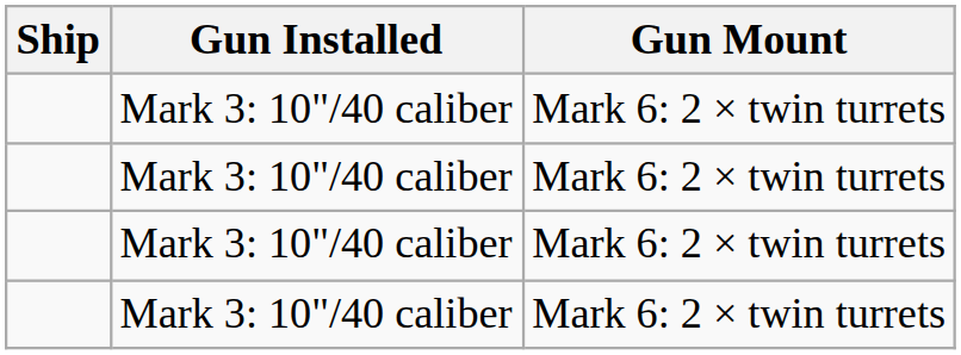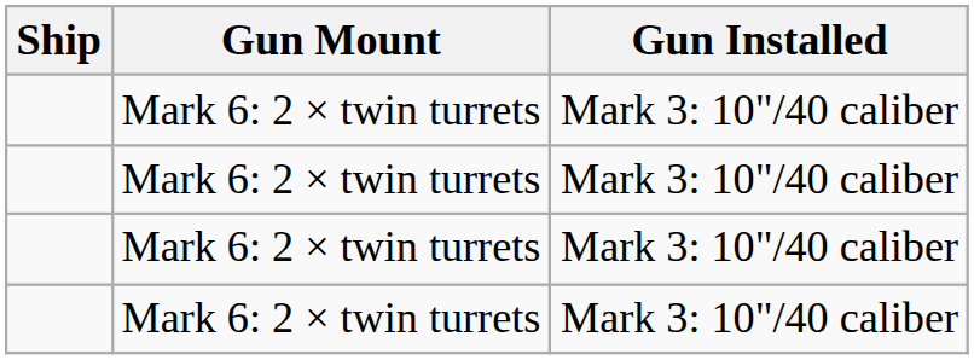 <table class="wikitable">
 <tr>
 <th>Ship</th>
+<th>Gun Mount</th>
 <th>Gun Installed</th>
-<th>Gun Mount</th>
 </tr>
 <tr>
 <td></td>
+<td>Mark 6: 2 × twin turrets</td>
 <td>Mark 3: 10"/40 caliber</td>
-<td>Mark 6: 2 × twin turrets</td>
 </tr>
 <tr>
 <td></td>
+<td>Mark 6: 2 × twin turrets</td>
 <td>Mark 3: 10"/40 caliber</td>
-<td>Mark 6: 2 × twin turrets</td>
 </tr>
 <tr>
 <td></td>
+<td>Mark 6: 2 × twin turrets</td>
 <td>Mark 3: 10"/40 caliber</td>
-<td>Mark 6: 2 × twin turrets</td>
 </tr>
 <tr>
 <td></td>
+<td>Mark 6: 2 × twin turrets</td>
 <td>Mark 3: 10"/40 caliber</td>
-<td>Mark 6: 2 × twin turrets</td>
 </tr>
 </table>
